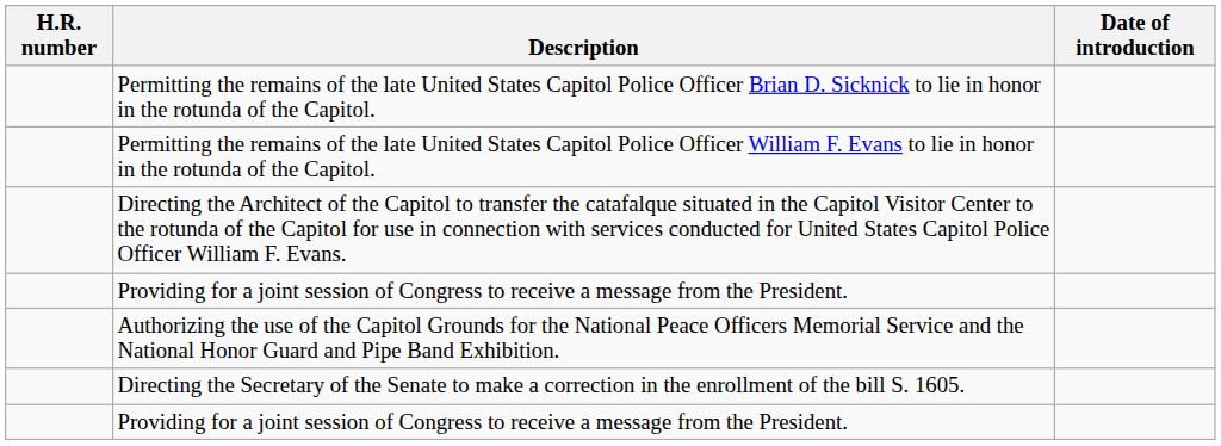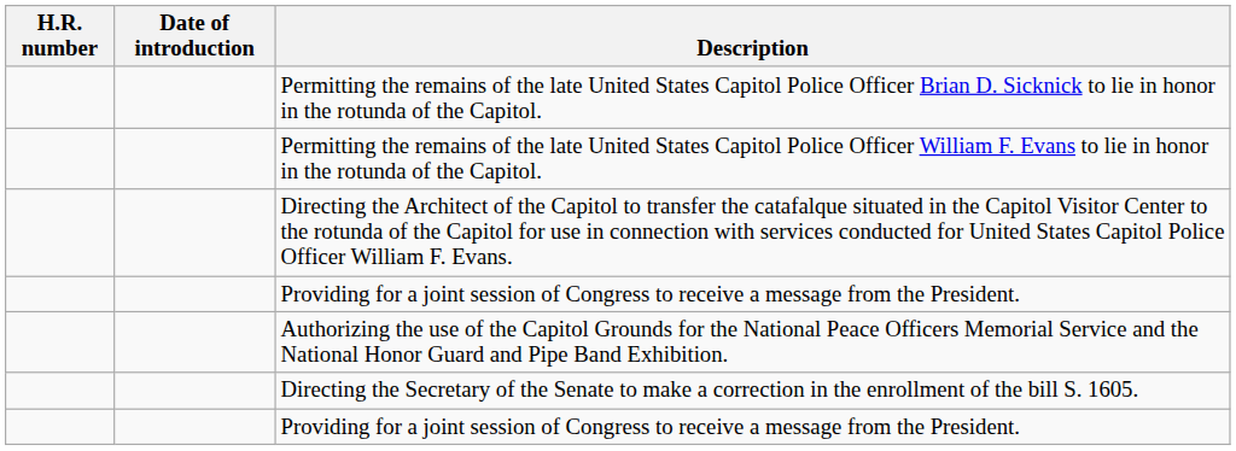 <table class="wikitable">
 <tr valign="bottom">
 <th>H.R. number</th>
+<th>Date of introduction</th>
 <th>Description</th>
-<th>Date of introduction</th>
 </tr>
 <tr>
 <td></td>
+<td></td>
 <td>Permitting the remains of the late United States Capitol Police Officer <a href='#'>Brian D. Sicknick</a> to lie in honor in the rotunda of the Capitol.</td>
-<td></td>
 </tr>
 <tr>
 <td></td>
+<td></td>
 <td>Permitting the remains of the late United States Capitol Police Officer <a href='#'>William F. Evans</a> to lie in honor in the rotunda of the Capitol.</td>
-<td></td>
 </tr>
 <tr>
 <td></td>
+<td></td>
 <td>Directing the Architect of the Capitol to transfer the catafalque situated in the Capitol Visitor Center to the rotunda of the Capitol for use in connection with services conducted for United States Capitol Police Officer William F. Evans.</td>
-<td></td>
 </tr>
 <tr>
 <td></td>
+<td></td>
 <td>Providing for a joint session of Congress to receive a message from the President.</td>
-<td></td>
 </tr>
 <tr>
 <td></td>
+<td></td>
 <td>Authorizing the use of the Capitol Grounds for the National Peace Officers Memorial Service and the National Honor Guard and Pipe Band Exhibition.</td>
-<td></td>
 </tr>
 <tr>
 <td></td>
+<td></td>
 <td>Directing the Secretary of the Senate to make a correction in the enrollment of the bill S. 1605.</td>
-<td></td>
 </tr>
 <tr>
 <td></td>
+<td></td>
 <td>Providing for a joint session of Congress to receive a message from the President.</td>
-<td></td>
 </tr>
 </table>
